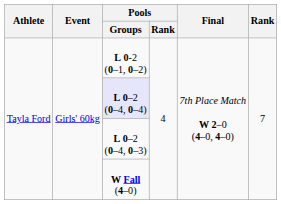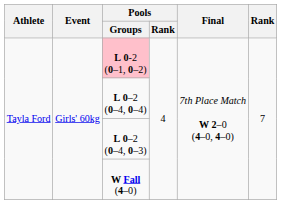 <table class="wikitable" style="text-align:left; font-size:90%">
 <tr>
 <th rowspan="2">Athlete</th>
 <th rowspan="2">Event</th>
 <th colspan="2">Pools</th>
 <th rowspan="2">Final</th>
 <th rowspan="2">Rank</th>
 </tr>
 <tr>
 <th>Groups</th>
 <th>Rank</th>
 </tr>
 <tr>
 <td rowspan="4"><a href='#'>Tayla Ford</a></td>
 <td rowspan="4"><a href='#'>Girls' 60kg</a></td>
-<td align=center><br><strong>L</strong> <strong>0</strong>-2<br>(<strong>0</strong>–1, <strong>0</strong>–2)</td>
+<td align=center style="background: pink;"><br><strong>L</strong> <strong>0</strong>-2<br>(<strong>0</strong>–1, <strong>0</strong>–2)</td>
 <td rowspan="4" align=center>4</td>
 <td align=center rowspan=4><em>7th Place Match</em><br><br><strong>W</strong> <strong>2</strong>–0<br>(<strong>4</strong>–0, <strong>4</strong>–0)</td>
 <td rowspan="4" align="center">7</td>
 </tr>
 <tr>
-<td align=center style="background: lavender;"><br><strong>L</strong> <strong>0</strong>–2<br>(<strong>0</strong>–4, <strong>0</strong>–4)</td>
+<td align=center><br><strong>L</strong> <strong>0</strong>–2<br>(<strong>0</strong>–4, <strong>0</strong>–4)</td>
 </tr>
 <tr>
 <td align=center><br><strong>L</strong> <strong>0</strong>–2<br>(<strong>0</strong>–4, <strong>0</strong>–3)</td>
 </tr>
 <tr>
 <td align=center><br><strong>W</strong> <strong><a href='#'>Fall</a></strong><br>(<strong>4</strong>–0)</td>
 </tr>
 </table>
